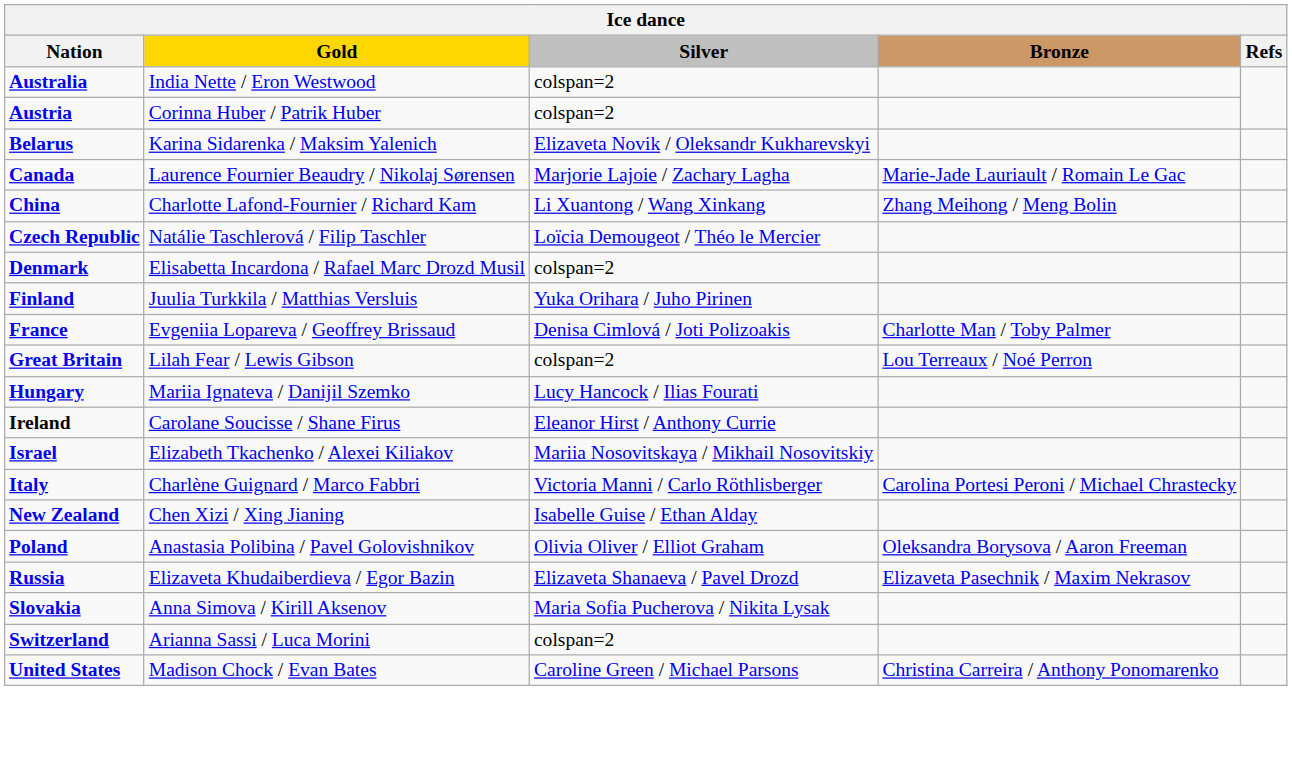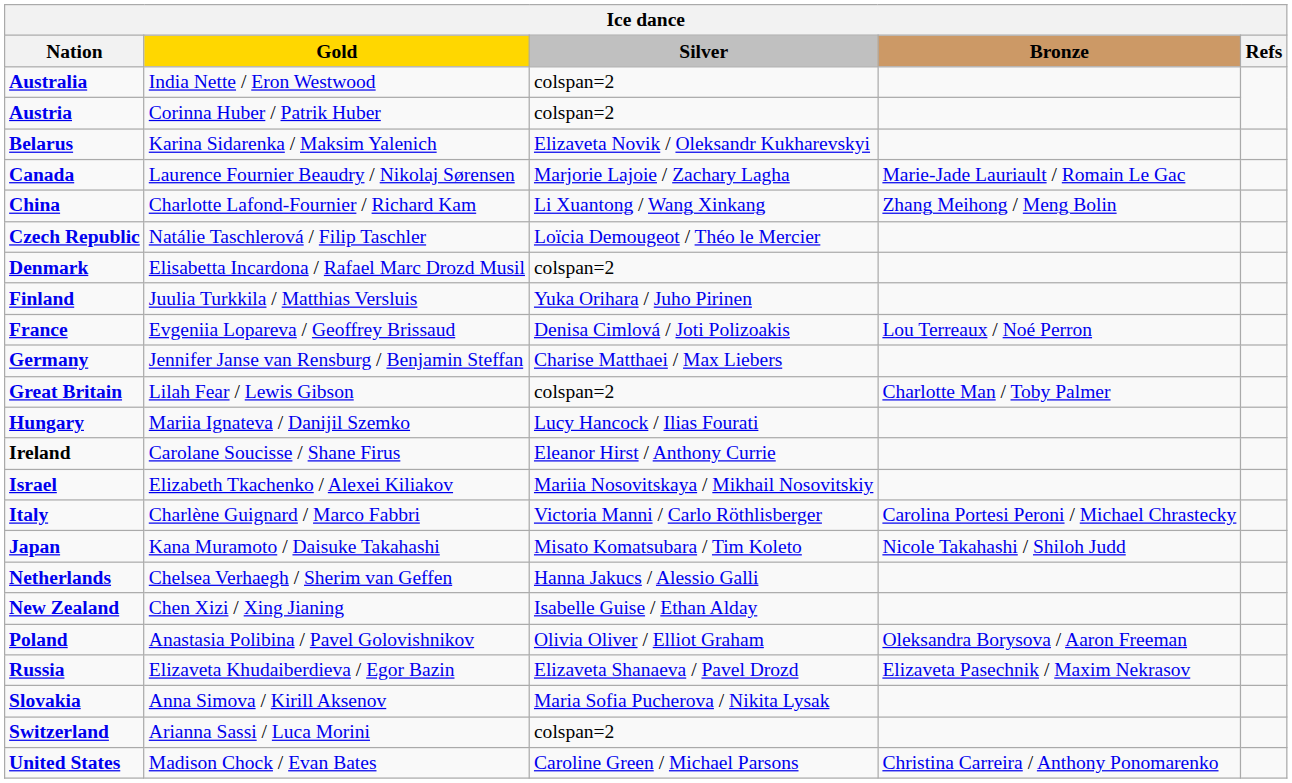 <table class="wikitable">
 <tr>
 <th colspan=5>Ice dance</th>
 </tr>
 <tr>
 <th>Nation</th>
 <td style="text-align:center; background:gold;"><strong>Gold</strong></td>
 <td style="text-align:center; background:silver;"><strong>Silver</strong></td>
 <td style="text-align:center; background:#c96;"><strong>Bronze</strong></td>
 <th>Refs</th>
 </tr>
 <tr>
 <td><strong> <a href='#'>Australia</a></strong></td>
 <td><a href='#'>India Nette</a> / <a href='#'>Eron Westwood</a></td>
 <td>colspan=2 </td>
 <td></td>
 </tr>
 <tr>
 <td><strong> <a href='#'>Austria</a></strong></td>
 <td><a href='#'>Corinna Huber</a> / <a href='#'>Patrik Huber</a></td>
 <td>colspan=2 </td>
 <td></td>
 </tr>
 <tr>
 <td><strong> <a href='#'>Belarus</a></strong></td>
 <td><a href='#'>Karina Sidarenka</a> / <a href='#'>Maksim Yalenich</a></td>
 <td><a href='#'>Elizaveta Novik</a> / <a href='#'>Oleksandr Kukharevskyi</a></td>
 <td></td>
 <td></td>
 </tr>
 <tr>
 <td><strong> <a href='#'>Canada</a></strong></td>
 <td><a href='#'>Laurence Fournier Beaudry</a> / <a href='#'>Nikolaj Sørensen</a></td>
 <td><a href='#'>Marjorie Lajoie</a> / <a href='#'>Zachary Lagha</a></td>
 <td><a href='#'>Marie-Jade Lauriault</a> / <a href='#'>Romain Le Gac</a></td>
 <td></td>
 </tr>
 <tr>
 <td><strong> <a href='#'>China</a></strong></td>
 <td><a href='#'>Charlotte Lafond-Fournier</a> / <a href='#'>Richard Kam</a></td>
 <td><a href='#'>Li Xuantong</a> / <a href='#'>Wang Xinkang</a></td>
 <td><a href='#'>Zhang Meihong</a> / <a href='#'>Meng Bolin</a></td>
 <td></td>
 </tr>
 <tr>
 <td><strong> <a href='#'>Czech Republic</a></strong></td>
 <td><a href='#'>Natálie Taschlerová</a> / <a href='#'>Filip Taschler</a></td>
 <td><a href='#'>Loïcia Demougeot</a> / <a href='#'>Théo le Mercier</a></td>
 <td></td>
 <td></td>
 </tr>
 <tr>
 <td><strong> <a href='#'>Denmark</a></strong></td>
 <td><a href='#'>Elisabetta Incardona</a> / <a href='#'>Rafael Marc Drozd Musil</a></td>
 <td>colspan=2 </td>
 <td></td>
 </tr>
 <tr>
 <td><strong> <a href='#'>Finland</a></strong></td>
 <td><a href='#'>Juulia Turkkila</a> / <a href='#'>Matthias Versluis</a></td>
 <td><a href='#'>Yuka Orihara</a> / <a href='#'>Juho Pirinen</a></td>
 <td></td>
 <td></td>
 </tr>
 <tr>
 <td><strong> <a href='#'>France</a></strong></td>
 <td><a href='#'>Evgeniia Lopareva</a> / <a href='#'>Geoffrey Brissaud</a></td>
 <td><a href='#'>Denisa Cimlová</a> / <a href='#'>Joti Polizoakis</a></td>
-<td><a href='#'>Charlotte Man</a> / <a href='#'>Toby Palmer</a></td>
+<td><a href='#'>Lou Terreaux</a> / <a href='#'>Noé Perron</a></td>
+<td></td>
+</tr>
+<tr>
+<td><strong> <a href='#'>Germany</a></strong></td>
+<td><a href='#'>Jennifer Janse van Rensburg</a> / <a href='#'>Benjamin Steffan</a></td>
+<td><a href='#'>Charise Matthaei</a> / <a href='#'>Max Liebers</a></td>
+<td></td>
 <td></td>
 </tr>
 <tr>
 <td><strong> <a href='#'>Great Britain</a></strong></td>
 <td><a href='#'>Lilah Fear</a> / <a href='#'>Lewis Gibson</a></td>
 <td>colspan=2 </td>
-<td><a href='#'>Lou Terreaux</a> / <a href='#'>Noé Perron</a></td>
+<td><a href='#'>Charlotte Man</a> / <a href='#'>Toby Palmer</a></td>
 <td></td>
 </tr>
 <tr>
 <td><strong> <a href='#'>Hungary</a></strong></td>
 <td><a href='#'>Mariia Ignateva</a> / <a href='#'>Danijil Szemko</a></td>
 <td><a href='#'>Lucy Hancock</a> / <a href='#'>Ilias Fourati</a></td>
 <td></td>
 <td></td>
 </tr>
 <tr>
 <td><strong> Ireland</strong></td>
 <td><a href='#'>Carolane Soucisse</a> / <a href='#'>Shane Firus</a></td>
 <td><a href='#'>Eleanor Hirst</a> / <a href='#'>Anthony Currie</a></td>
 <td></td>
 </tr>
 <tr>
 <td><strong> <a href='#'>Israel</a></strong></td>
 <td><a href='#'>Elizabeth Tkachenko</a> / <a href='#'>Alexei Kiliakov</a></td>
 <td><a href='#'>Mariia Nosovitskaya</a> / <a href='#'>Mikhail Nosovitskiy</a></td>
 <td></td>
 <td></td>
 </tr>
 <tr>
 <td><strong> <a href='#'>Italy</a></strong></td>
 <td><a href='#'>Charlène Guignard</a> / <a href='#'>Marco Fabbri</a></td>
 <td><a href='#'>Victoria Manni</a> / <a href='#'>Carlo Röthlisberger</a></td>
 <td><a href='#'>Carolina Portesi Peroni</a> / <a href='#'>Michael Chrastecky</a></td>
+<td></td>
+</tr>
+<tr>
+<td><strong> <a href='#'>Japan</a></strong></td>
+<td><a href='#'>Kana Muramoto</a> / <a href='#'>Daisuke Takahashi</a></td>
+<td><a href='#'>Misato Komatsubara</a> / <a href='#'>Tim Koleto</a></td>
+<td><a href='#'>Nicole Takahashi</a> / <a href='#'>Shiloh Judd</a></td>
+<td></td>
+</tr>
+<tr>
+<td><strong> <a href='#'>Netherlands</a></strong></td>
+<td><a href='#'>Chelsea Verhaegh</a> / <a href='#'>Sherim van Geffen</a></td>
+<td><a href='#'>Hanna Jakucs</a> / <a href='#'>Alessio Galli</a></td>
+<td></td>
 <td></td>
 </tr>
 <tr>
 <td><strong> <a href='#'>New Zealand</a></strong></td>
 <td><a href='#'>Chen Xizi</a> / <a href='#'>Xing Jianing</a></td>
 <td><a href='#'>Isabelle Guise</a> / <a href='#'>Ethan Alday</a></td>
 <td></td>
 <td></td>
 </tr>
 <tr>
 <td><strong> <a href='#'>Poland</a></strong></td>
 <td><a href='#'>Anastasia Polibina</a> / <a href='#'>Pavel Golovishnikov</a></td>
 <td><a href='#'>Olivia Oliver</a> / <a href='#'>Elliot Graham</a></td>
 <td><a href='#'>Oleksandra Borysova</a> / <a href='#'>Aaron Freeman</a></td>
 <td></td>
 </tr>
 <tr>
 <td><strong> <a href='#'>Russia</a></strong></td>
 <td><a href='#'>Elizaveta Khudaiberdieva</a> / <a href='#'>Egor Bazin</a></td>
 <td><a href='#'>Elizaveta Shanaeva</a> / <a href='#'>Pavel Drozd</a></td>
 <td><a href='#'>Elizaveta Pasechnik</a> / <a href='#'>Maxim Nekrasov</a></td>
 <td></td>
 </tr>
 <tr>
 <td><strong> <a href='#'>Slovakia</a></strong></td>
 <td><a href='#'>Anna Simova</a> / <a href='#'>Kirill Aksenov</a></td>
 <td><a href='#'>Maria Sofia Pucherova</a> / <a href='#'>Nikita Lysak</a></td>
 <td></td>
 <td></td>
 </tr>
 <tr>
 <td><strong> <a href='#'>Switzerland</a></strong></td>
 <td><a href='#'>Arianna Sassi</a> / <a href='#'>Luca Morini</a></td>
 <td>colspan=2 </td>
 <td></td>
 </tr>
 <tr>
 <td><strong> <a href='#'>United States</a></strong></td>
 <td><a href='#'>Madison Chock</a> / <a href='#'>Evan Bates</a></td>
 <td><a href='#'>Caroline Green</a> / <a href='#'>Michael Parsons</a></td>
 <td><a href='#'>Christina Carreira</a> / <a href='#'>Anthony Ponomarenko</a></td>
 <td></td>
 </tr>
 </table>
